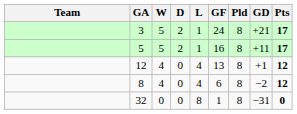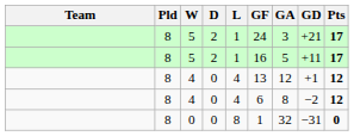 <table class="wikitable" style="text-align: center;">
 <tr>
 <th width="175">Team</th>
-<th width="20">GA</th>
+<th width="20">Pld</th>
 <th width="20">W</th>
 <th width="20">D</th>
 <th width="20">L</th>
 <th width="20">GF</th>
-<th width="20">Pld</th>
+<th width="20">GA</th>
 <th width="20">GD</th>
 <th width="20">Pts</th>
 </tr>
 <tr bgcolor="ccffcc">
 <td align="left"></td>
-<td>3</td>
+<td>8</td>
 <td>5</td>
 <td>2</td>
 <td>1</td>
 <td>24</td>
-<td>8</td>
+<td>3</td>
 <td>+21</td>
 <td><strong>17</strong></td>
 </tr>
 <tr bgcolor="ccffcc">
 <td align="left"></td>
-<td>5</td>
+<td>8</td>
 <td>5</td>
 <td>2</td>
 <td>1</td>
 <td>16</td>
-<td>8</td>
+<td>5</td>
 <td>+11</td>
 <td><strong>17</strong></td>
 </tr>
 <tr>
 <td align="left"></td>
-<td>12</td>
+<td>8</td>
 <td>4</td>
 <td>0</td>
 <td>4</td>
 <td>13</td>
-<td>8</td>
+<td>12</td>
 <td>+1</td>
 <td><strong>12</strong></td>
 </tr>
 <tr>
 <td align="left"></td>
 <td>8</td>
 <td>4</td>
 <td>0</td>
 <td>4</td>
 <td>6</td>
 <td>8</td>
 <td>−2</td>
 <td><strong>12</strong></td>
 </tr>
 <tr>
 <td align="left"></td>
-<td>32</td>
+<td>8</td>
 <td>0</td>
 <td>0</td>
 <td>8</td>
 <td>1</td>
-<td>8</td>
+<td>32</td>
 <td>−31</td>
 <td><strong>0</strong></td>
 </tr>
 </table>
